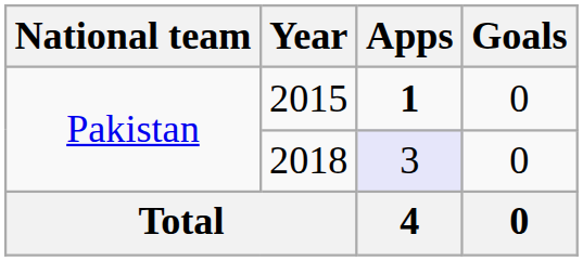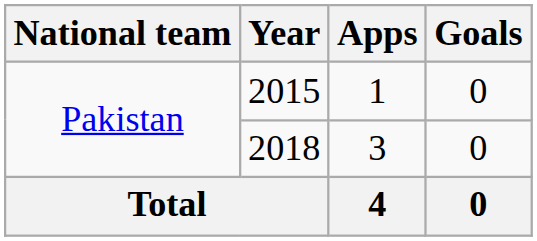 <table class=wikitable style="text-align: center">
 <tr>
 <th>National team</th>
 <th>Year</th>
 <th>Apps</th>
 <th>Goals</th>
 </tr>
 <tr>
 <td rowspan=2><a href='#'>Pakistan</a></td>
 <td>2015</td>
-<td><strong>1</strong></td>
+<td>1</td>
 <td>0</td>
 </tr>
 <tr>
 <td>2018</td>
-<td style="background: lavender;">3</td>
+<td>3</td>
 <td>0</td>
 </tr>
 <tr>
 <th colspan=2>Total</th>
 <th>4</th>
 <th>0</th>
 </tr>
 </table>
